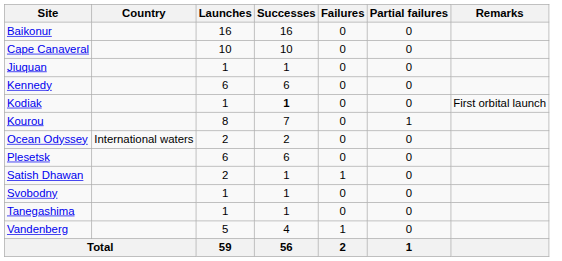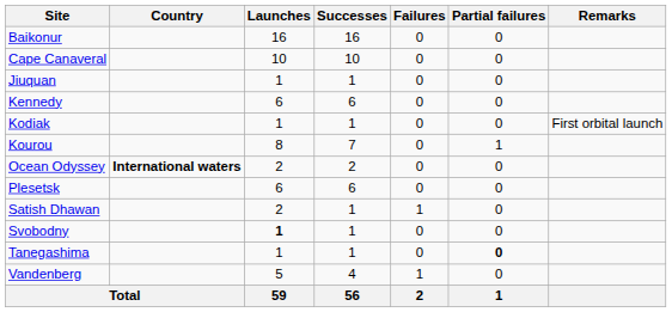 <table class="wikitable sortable" style=text-align:center>
 <tr>
 <th>Site</th>
 <th>Country</th>
 <th>Launches</th>
 <th>Successes</th>
 <th>Failures</th>
 <th>Partial failures</th>
 <th>Remarks</th>
 </tr>
 <tr>
 <td align=left><a href='#'>Baikonur</a></td>
 <td align=left></td>
 <td>16</td>
 <td>16</td>
 <td>0</td>
 <td>0</td>
 <td></td>
 </tr>
 <tr>
 <td align=left><a href='#'>Cape Canaveral</a></td>
 <td align=left></td>
 <td>10</td>
 <td>10</td>
 <td>0</td>
 <td>0</td>
 <td></td>
 </tr>
 <tr>
 <td align=left><a href='#'>Jiuquan</a></td>
 <td align=left></td>
 <td>1</td>
 <td>1</td>
 <td>0</td>
 <td>0</td>
 <td></td>
 </tr>
 <tr>
 <td align=left><a href='#'>Kennedy</a></td>
 <td align=left></td>
 <td>6</td>
 <td>6</td>
 <td>0</td>
 <td>0</td>
 <td></td>
 </tr>
 <tr>
 <td align=left><a href='#'>Kodiak</a></td>
 <td align=left></td>
 <td>1</td>
-<td><strong>1</strong></td>
+<td>1</td>
 <td>0</td>
 <td>0</td>
 <td align=left>First orbital launch</td>
 </tr>
 <tr>
 <td align=left><a href='#'>Kourou</a></td>
 <td align=left></td>
 <td>8</td>
 <td>7</td>
 <td>0</td>
 <td>1</td>
 <td></td>
 </tr>
 <tr>
 <td align=left><a href='#'>Ocean Odyssey</a></td>
-<td align=left> International waters</td>
+<td align=left><strong> International waters</strong></td>
 <td>2</td>
 <td>2</td>
 <td>0</td>
 <td>0</td>
 <td></td>
 </tr>
 <tr>
 <td align=left><a href='#'>Plesetsk</a></td>
 <td align=left></td>
 <td>6</td>
 <td>6</td>
 <td>0</td>
 <td>0</td>
 <td></td>
 </tr>
 <tr>
 <td align=left><a href='#'>Satish Dhawan</a></td>
 <td align=left></td>
 <td>2</td>
 <td>1</td>
 <td>1</td>
 <td>0</td>
 <td></td>
 </tr>
 <tr>
 <td align=left><a href='#'>Svobodny</a></td>
 <td align=left></td>
-<td>1</td>
+<td><strong>1</strong></td>
 <td>1</td>
 <td>0</td>
 <td>0</td>
 <td></td>
 </tr>
 <tr>
 <td align=left><a href='#'>Tanegashima</a></td>
 <td align=left></td>
 <td>1</td>
 <td>1</td>
 <td>0</td>
-<td>0</td>
+<td><strong>0</strong></td>
 <td></td>
 </tr>
 <tr>
 <td align=left><a href='#'>Vandenberg</a></td>
 <td align=left></td>
 <td>5</td>
 <td>4</td>
 <td>1</td>
 <td>0</td>
 <td></td>
 </tr>
 <tr>
 <th colspan=2>Total</th>
 <th>59</th>
 <th>56</th>
 <th>2</th>
 <th>1</th>
 <th></th>
 </tr>
 </table>
